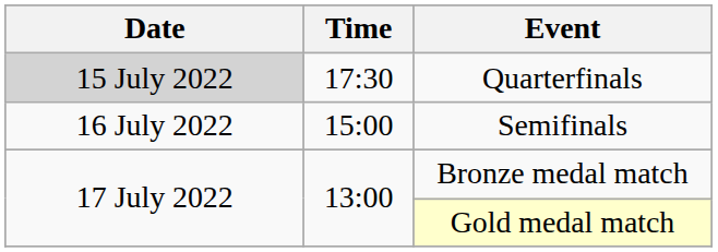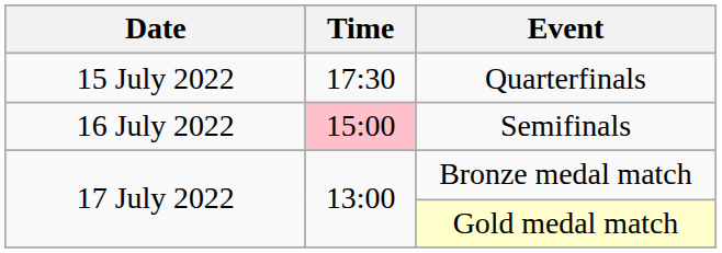 <table class = "wikitable" style="text-align:center;">
 <tr>
 <th width=150>Date</th>
 <th width=50>Time</th>
 <th width=150>Event</th>
 </tr>
 <tr>
-<td style="background: lightgrey;">15 July 2022</td>
+<td>15 July 2022</td>
 <td>17:30</td>
 <td>Quarterfinals</td>
 </tr>
 <tr>
 <td>16 July 2022</td>
-<td>15:00</td>
+<td style="background: pink;">15:00</td>
 <td>Semifinals</td>
 </tr>
 <tr>
 <td rowspan=2>17 July 2022</td>
 <td rowspan=2>13:00</td>
 <td>Bronze medal match</td>
 </tr>
 <tr>
 <td bgcolor=ffffcc>Gold medal match</td>
 </tr>
 </table>
